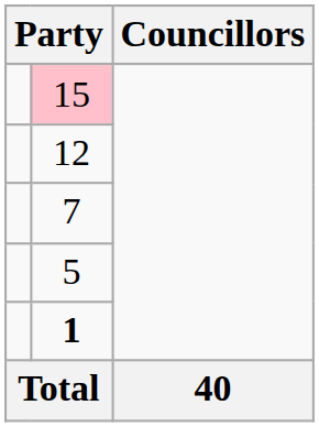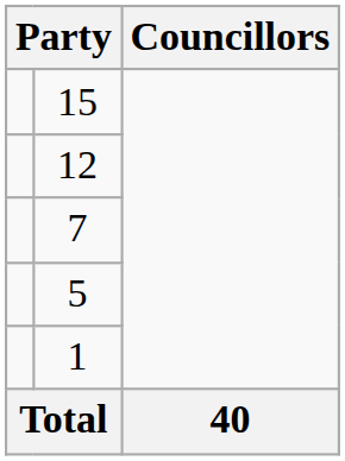 <table class="wikitable">
 <tr>
 <th colspan=2>Party</th>
 <th>Councillors</th>
 </tr>
 <tr>
 <td></td>
-<td align=center style="background: pink;">15</td>
+<td align=center>15</td>
 </tr>
 <tr>
 <td></td>
 <td align=center>12</td>
 </tr>
 <tr>
 <td></td>
 <td align=center>7</td>
 </tr>
 <tr>
 <td></td>
 <td align=center>5</td>
 </tr>
 <tr>
 <td></td>
-<td align=center><strong>1</strong></td>
+<td align=center>1</td>
 </tr>
 <tr>
 <th colspan=2>Total</th>
 <th align=center>40</th>
 </tr>
 </table>
